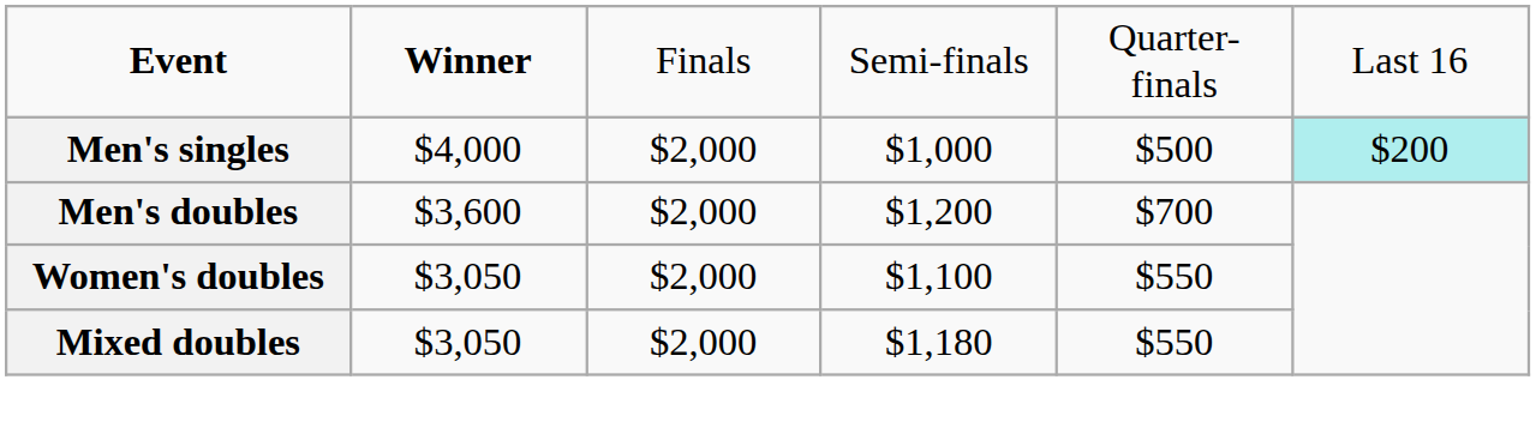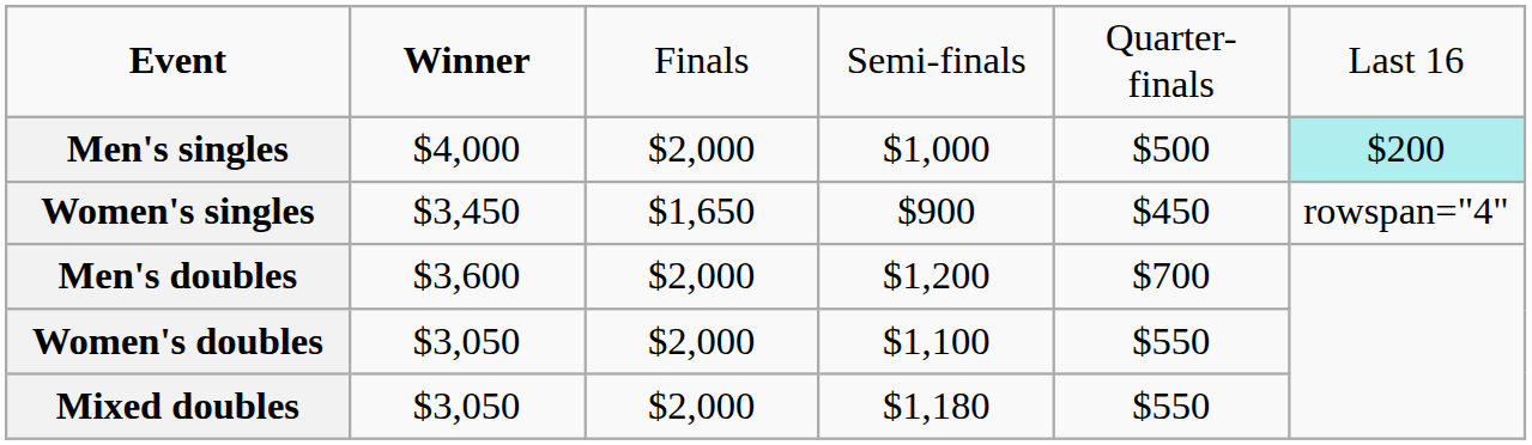 <table class="wikitable" style="font-size:90%; text-align:center">
 <tr>
 <td width="120"><strong>Event</strong></td>
 <td width="80"><strong>Winner</strong></td>
 <td width="80">Finals</td>
 <td width="80">Semi-finals</td>
 <td width="80">Quarter-finals</td>
 <td width="80">Last 16</td>
 </tr>
 <tr>
 <th>Men's singles</th>
 <td>$4,000</td>
 <td>$2,000</td>
 <td>$1,000</td>
 <td>$500</td>
 <td style="background: paleturquoise;">$200</td>
+</tr>
+<tr>
+<th>Women's singles</th>
+<td>$3,450</td>
+<td>$1,650</td>
+<td>$900</td>
+<td>$450</td>
+<td>rowspan="4" </td>
 </tr>
 <tr>
 <th>Men's doubles</th>
 <td>$3,600</td>
 <td>$2,000</td>
 <td>$1,200</td>
 <td>$700</td>
 </tr>
 <tr>
 <th>Women's doubles</th>
 <td>$3,050</td>
 <td>$2,000</td>
 <td>$1,100</td>
 <td>$550</td>
 </tr>
 <tr>
 <th>Mixed doubles</th>
 <td>$3,050</td>
 <td>$2,000</td>
 <td>$1,180</td>
 <td>$550</td>
 </tr>
 </table>
